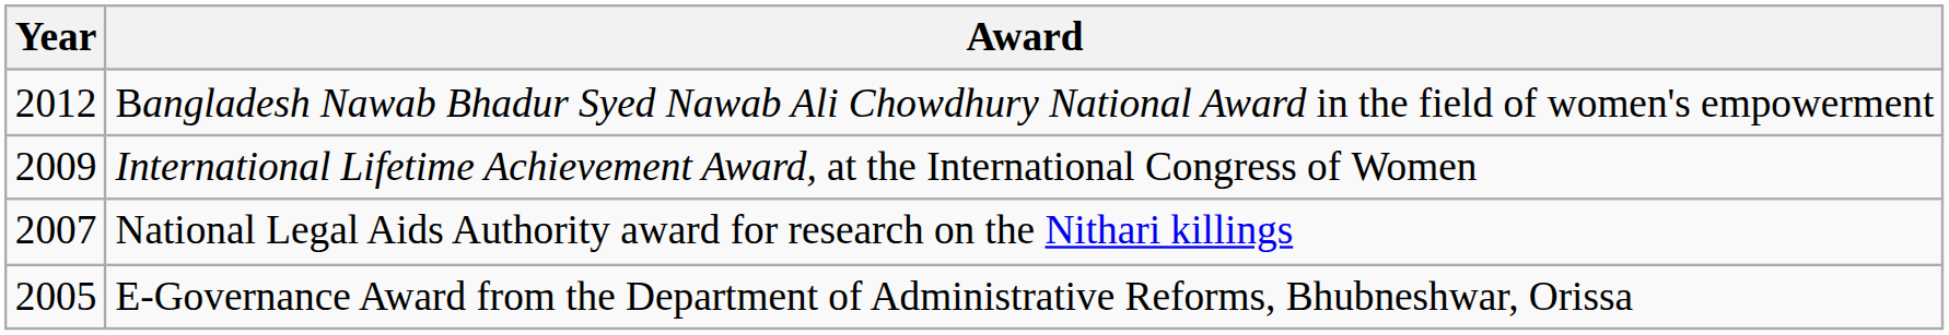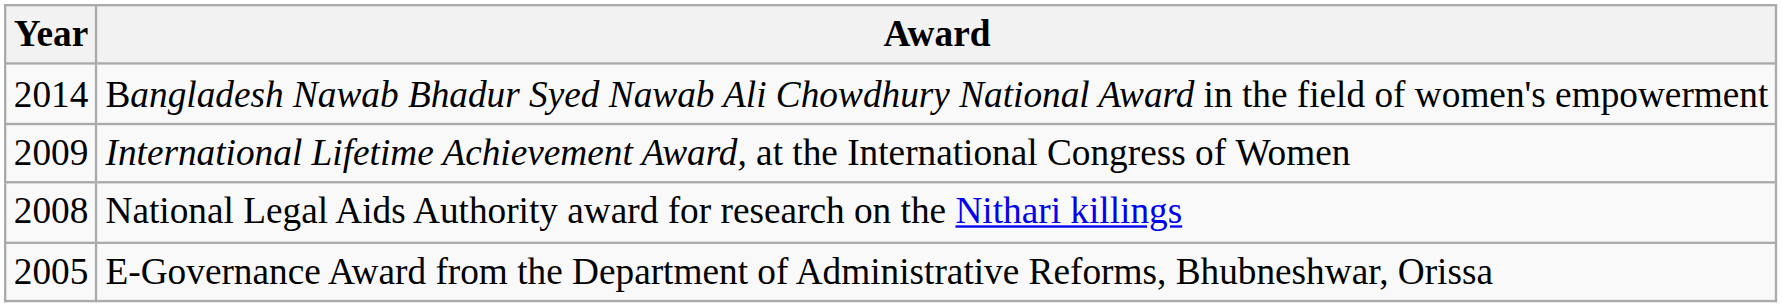 <table class="wikitable">
 <tr>
 <th>Year</th>
 <th>Award</th>
 </tr>
 <tr>
-<td>2012</td>
+<td>2014</td>
 <td>B<em>angladesh Nawab Bhadur Syed Nawab Ali Chowdhury National Award</em> in the field of women's empowerment</td>
 </tr>
 <tr>
 <td>2009</td>
 <td><em>International Lifetime Achievement Award,</em> at the International Congress of Women</td>
 </tr>
 <tr>
-<td>2007</td>
+<td>2008</td>
 <td>National Legal Aids Authority award for research on the <a href='#'>Nithari killings</a></td>
 </tr>
 <tr>
 <td>2005</td>
 <td>E-Governance Award from the Department of Administrative Reforms, Bhubneshwar, Orissa</td>
 </tr>
 </table>
